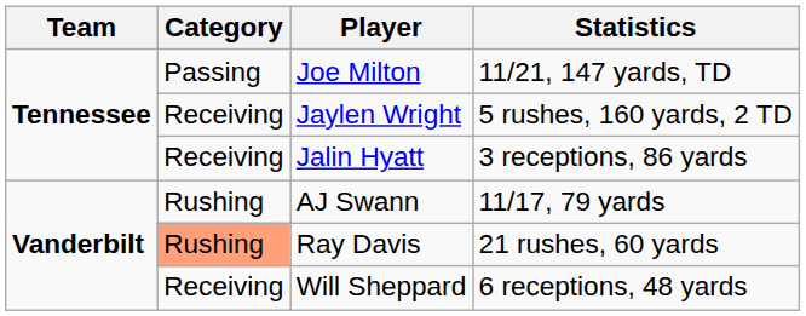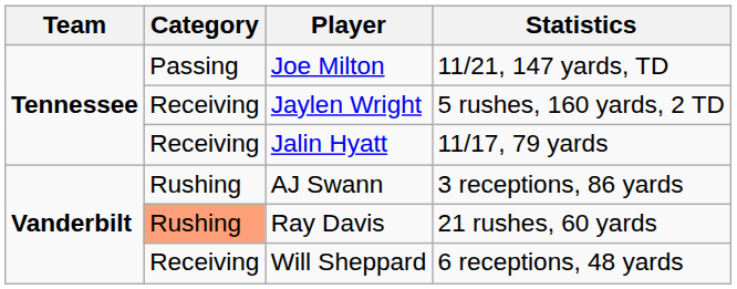 <table class="wikitable" style="float: left;">
 <tr>
 <th>Team</th>
 <th>Category</th>
 <th>Player</th>
 <th>Statistics</th>
 </tr>
 <tr>
 <td rowspan=3><strong>Tennessee</strong></td>
 <td>Passing</td>
 <td><a href='#'>Joe Milton</a></td>
 <td>11/21, 147 yards, TD</td>
 </tr>
 <tr>
 <td>Receiving</td>
 <td><a href='#'>Jaylen Wright</a></td>
 <td>5 rushes, 160 yards, 2 TD</td>
 </tr>
 <tr>
 <td>Receiving</td>
 <td><a href='#'>Jalin Hyatt</a></td>
-<td>3 receptions, 86 yards</td>
+<td>11/17, 79 yards</td>
 </tr>
 <tr>
 <td rowspan=3><strong>Vanderbilt</strong></td>
 <td>Rushing</td>
 <td>AJ Swann</td>
-<td>11/17, 79 yards</td>
+<td>3 receptions, 86 yards</td>
 </tr>
 <tr>
 <td style="background: lightsalmon;">Rushing</td>
 <td>Ray Davis</td>
 <td>21 rushes, 60 yards</td>
 </tr>
 <tr>
 <td>Receiving</td>
 <td>Will Sheppard</td>
 <td>6 receptions, 48 yards</td>
 </tr>
 </table>
